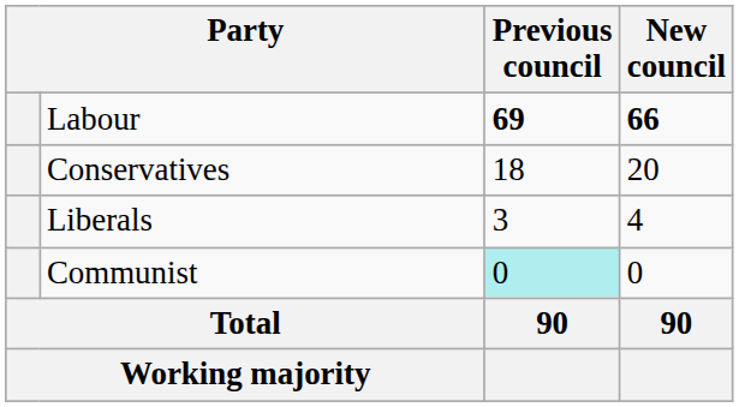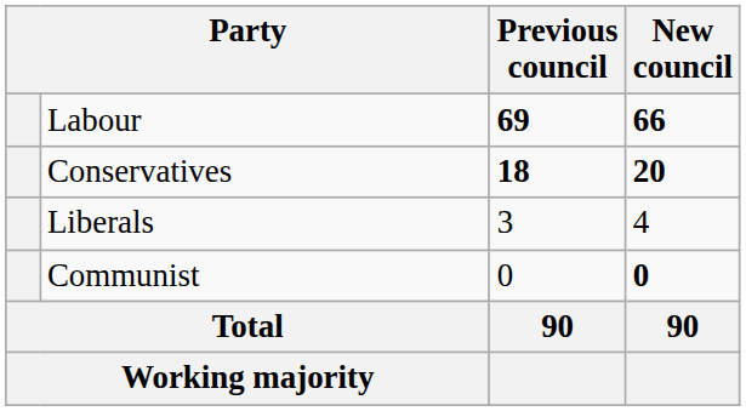 <table class="wikitable">
 <tr>
 <th valign=top colspan="2" style="width: 230px">Party</th>
 <th valign=top style="width: 30px">Previous council</th>
 <th valign=top style="width: 30px">New council</th>
 </tr>
 <tr>
 <th style="background-color: "></th>
 <td>Labour</td>
 <td><strong>69</strong></td>
 <td><strong>66</strong></td>
 </tr>
 <tr>
 <th style="background-color: "></th>
 <td>Conservatives</td>
-<td>18</td>
-<td>20</td>
+<td><strong>18</strong></td>
+<td><strong>20</strong></td>
 </tr>
 <tr>
 <th style="background-color: "></th>
 <td>Liberals</td>
 <td>3</td>
 <td>4</td>
 </tr>
 <tr>
 <th style="background-color: "></th>
 <td>Communist</td>
-<td style="background: paleturquoise;">0</td>
 <td>0</td>
+<td><strong>0</strong></td>
 </tr>
 <tr>
 <th colspan=2>Total</th>
 <th style="text-align: center">90</th>
 <th colspan=3>90</th>
 </tr>
 <tr>
 <th colspan=2>Working majority</th>
 <th></th>
 <th></th>
 </tr>
 </table>
